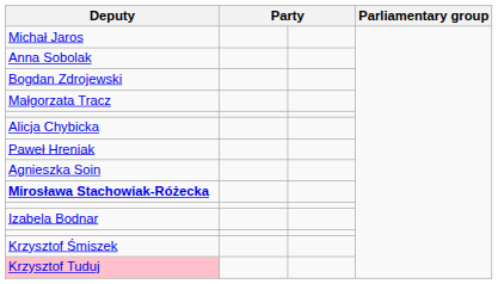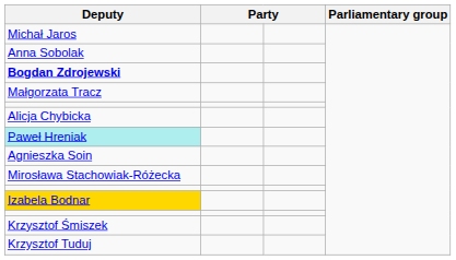 <table class="wikitable">
 <tr>
 <th>Deputy</th>
 <th colspan=2 width=28%>Party</th>
 <th colspan=2 width=28%>Parliamentary group</th>
 </tr>
 <tr>
 <td><a href='#'>Michał Jaros</a></td>
 <td></td>
 <td></td>
 </tr>
 <tr>
 <td><a href='#'>Anna Sobolak</a></td>
 <td></td>
 <td></td>
 </tr>
 <tr>
-<td><a href='#'>Bogdan Zdrojewski</a></td>
+<td><strong><a href='#'>Bogdan Zdrojewski</a></strong></td>
 <td></td>
 <td></td>
 </tr>
 <tr>
 <td><a href='#'>Małgorzata Tracz</a></td>
 <td></td>
 <td></td>
 </tr>
 <tr>
 <td></td>
 <td></td>
 <td></td>
 </tr>
 <tr>
 <td><a href='#'>Alicja Chybicka</a></td>
 <td></td>
 <td></td>
 </tr>
 <tr>
-<td><a href='#'>Paweł Hreniak</a></td>
+<td style="background: paleturquoise;"><a href='#'>Paweł Hreniak</a></td>
 <td></td>
 <td></td>
 </tr>
 <tr>
 <td><a href='#'>Agnieszka Soin</a></td>
 <td></td>
 <td></td>
 </tr>
 <tr>
-<td><strong><a href='#'>Mirosława Stachowiak-Różecka</a></strong></td>
+<td><a href='#'>Mirosława Stachowiak-Różecka</a></td>
 <td></td>
 <td></td>
 </tr>
 <tr>
 <td></td>
 <td></td>
 <td></td>
 </tr>
 <tr>
-<td><a href='#'>Izabela Bodnar</a></td>
+<td style="background: gold;"><a href='#'>Izabela Bodnar</a></td>
 <td></td>
 <td></td>
 </tr>
 <tr>
 <td></td>
 <td></td>
 <td></td>
 </tr>
 <tr>
 <td><a href='#'>Krzysztof Śmiszek</a></td>
 <td></td>
 <td></td>
 </tr>
 <tr>
-<td style="background: pink;"><a href='#'>Krzysztof Tuduj</a></td>
+<td><a href='#'>Krzysztof Tuduj</a></td>
 <td></td>
 <td></td>
 </tr>
 </table>
